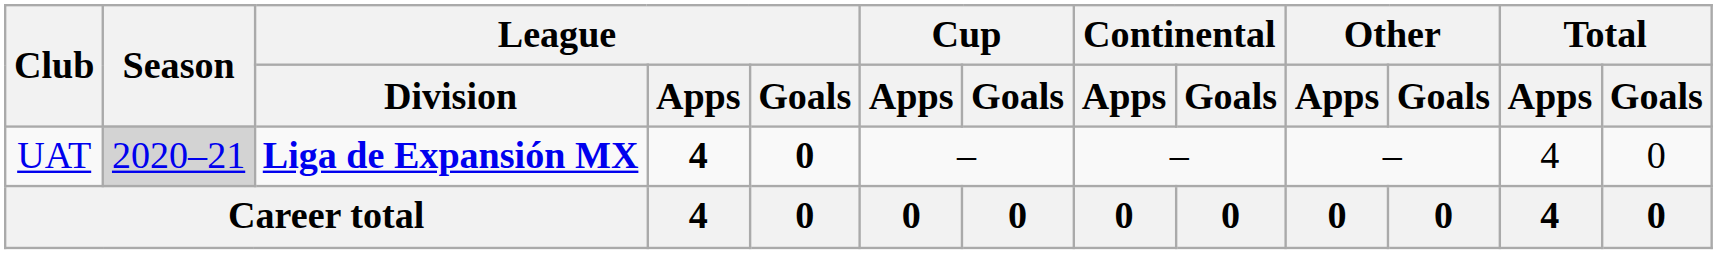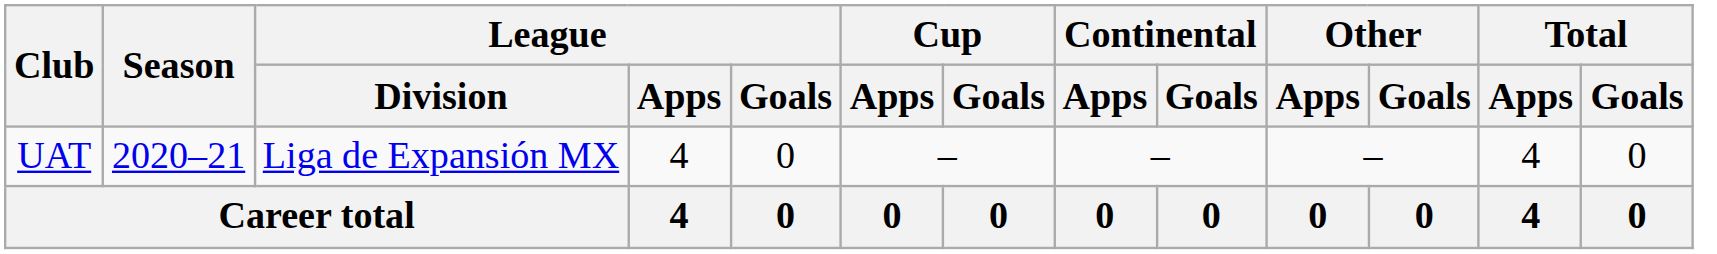 <table class="wikitable" style="text-align: center">
 <tr>
 <th rowspan="2">Club</th>
 <th rowspan="2">Season</th>
 <th colspan="3">League</th>
 <th colspan="2">Cup</th>
 <th colspan="2">Continental</th>
 <th colspan="2">Other</th>
 <th colspan="2">Total</th>
 </tr>
 <tr>
 <th>Division</th>
 <th>Apps</th>
 <th>Goals</th>
 <th>Apps</th>
 <th>Goals</th>
 <th>Apps</th>
 <th>Goals</th>
 <th>Apps</th>
 <th>Goals</th>
 <th>Apps</th>
 <th>Goals</th>
 </tr>
 <tr>
 <td><a href='#'>UAT</a></td>
-<td style="background: lightgrey;"><a href='#'>2020–21</a></td>
-<td><strong><a href='#'>Liga de Expansión MX</a></strong></td>
-<td><strong>4</strong></td>
-<td><strong>0</strong></td>
+<td><a href='#'>2020–21</a></td>
+<td><a href='#'>Liga de Expansión MX</a></td>
+<td>4</td>
+<td>0</td>
 <td colspan="2">–</td>
 <td colspan="2">–</td>
 <td colspan="2">–</td>
 <td>4</td>
 <td>0</td>
 </tr>
 <tr>
 <th colspan="3"><strong>Career total</strong></th>
 <th>4</th>
 <th>0</th>
 <th>0</th>
 <th>0</th>
 <th>0</th>
 <th>0</th>
 <th>0</th>
 <th>0</th>
 <th>4</th>
 <th>0</th>
 </tr>
 </table>
